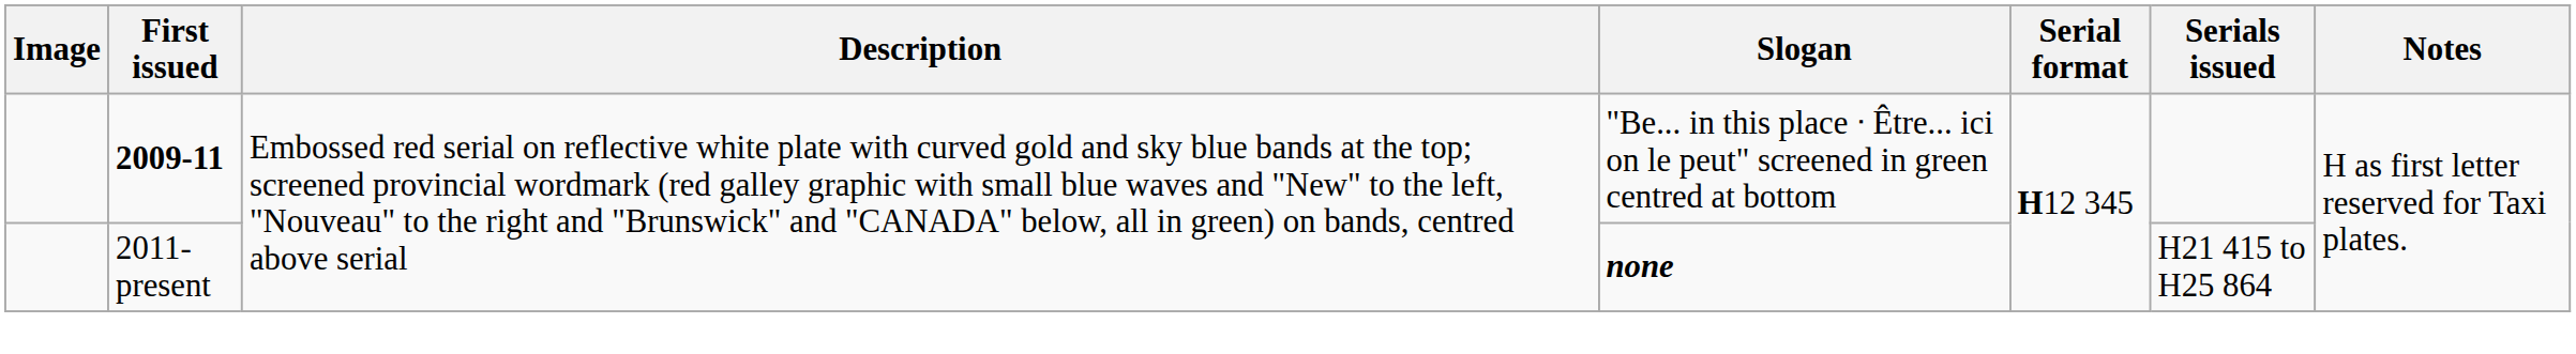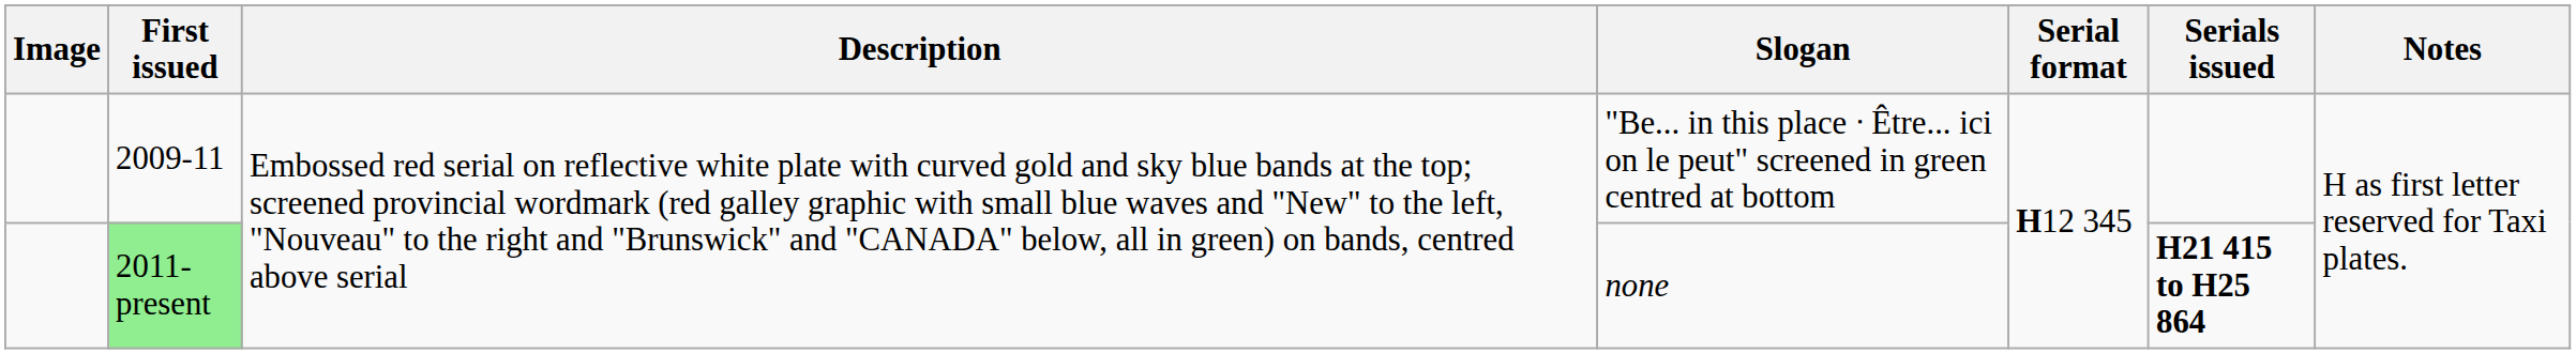 <table class="wikitable">
 <tr>
 <th>Image</th>
 <th>First issued</th>
 <th>Description</th>
 <th>Slogan</th>
 <th>Serial format</th>
 <th>Serials issued</th>
 <th>Notes</th>
 </tr>
 <tr>
 <td></td>
-<td><strong>2009-11</strong></td>
+<td>2009-11</td>
 <td rowspan="2">Embossed red serial on reflective white plate with curved gold and sky blue bands at the top; screened provincial wordmark (red galley graphic with small blue waves and "New" to the left, "Nouveau" to the right and "Brunswick" and "CANADA" below, all in green) on bands, centred above serial</td>
 <td>"Be... in this place  ᐧ  Être... ici on le peut" screened in green centred at bottom</td>
 <td rowspan="2"><strong>H</strong>12 345</td>
 <td></td>
 <td rowspan="2">H as first letter reserved for Taxi plates.</td>
 </tr>
 <tr>
 <td></td>
-<td>2011-present</td>
-<td><strong><em>none</em></strong></td>
-<td>H21 415 to H25 864 </td>
+<td style="background: lightgreen;">2011-present</td>
+<td><em>none</em></td>
+<td><strong>H21 415 to H25 864 </strong></td>
 </tr>
 </table>
